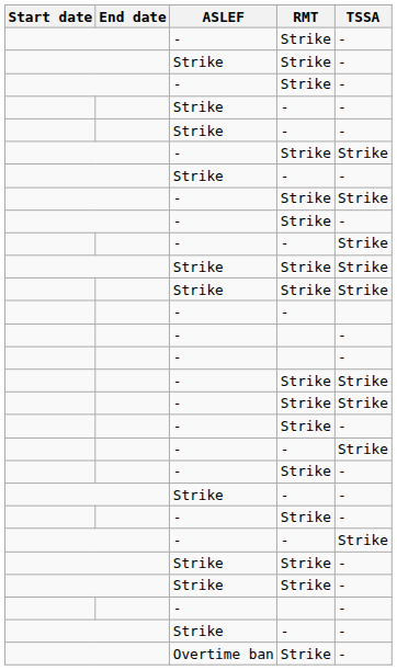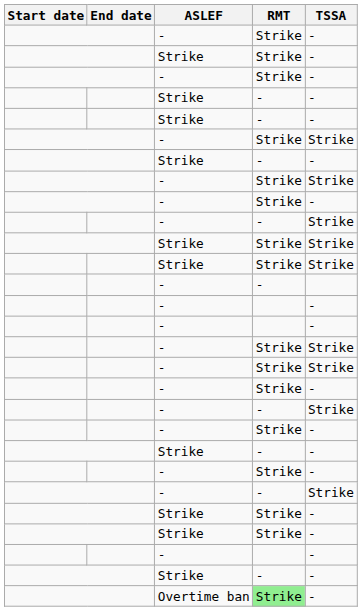 <table class="wikitable defaultcenter">
 <tr>
 <th>Start date</th>
 <th>End date</th>
 <th>ASLEF</th>
 <th>RMT</th>
 <th>TSSA</th>
 </tr>
 <tr>
 <td colspan=2></td>
 <td>-</td>
 <td>Strike</td>
 <td>-</td>
 </tr>
 <tr>
 <td colspan=2></td>
 <td>Strike</td>
 <td>Strike</td>
 <td>-</td>
 </tr>
 <tr>
 <td colspan=2></td>
 <td>-</td>
 <td>Strike</td>
 <td>-</td>
 </tr>
 <tr>
 <td></td>
 <td></td>
 <td>Strike</td>
 <td>-</td>
 <td>-</td>
 </tr>
 <tr>
 <td></td>
 <td></td>
 <td>Strike</td>
 <td>-</td>
 <td>-</td>
 </tr>
 <tr>
 <td colspan=2></td>
 <td>-</td>
 <td>Strike</td>
 <td>Strike</td>
 </tr>
 <tr>
 <td colspan=2></td>
 <td>Strike</td>
 <td>-</td>
 <td>-</td>
 </tr>
 <tr>
 <td colspan=2></td>
 <td>-</td>
 <td>Strike</td>
 <td>Strike</td>
 </tr>
 <tr>
 <td colspan=2></td>
 <td>-</td>
 <td>Strike</td>
 <td>-</td>
 </tr>
 <tr>
 <td></td>
 <td></td>
 <td>-</td>
 <td>-</td>
 <td>Strike</td>
 </tr>
 <tr>
 <td colspan=2></td>
 <td>Strike</td>
 <td>Strike</td>
 <td>Strike</td>
 </tr>
 <tr>
 <td></td>
 <td></td>
 <td>Strike</td>
 <td>Strike</td>
 <td>Strike</td>
 </tr>
 <tr>
 <td></td>
 <td></td>
 <td>-</td>
 <td>-</td>
 <td></td>
 </tr>
 <tr>
 <td></td>
 <td></td>
 <td>-</td>
 <td></td>
 <td>-</td>
 </tr>
 <tr>
 <td></td>
 <td></td>
 <td>-</td>
 <td></td>
 <td>-</td>
 </tr>
 <tr>
 <td></td>
 <td></td>
 <td>-</td>
 <td>Strike</td>
 <td>Strike</td>
 </tr>
 <tr>
 <td></td>
 <td></td>
 <td>-</td>
 <td>Strike</td>
 <td>Strike</td>
 </tr>
 <tr>
 <td></td>
 <td></td>
 <td>-</td>
 <td>Strike</td>
 <td>-</td>
 </tr>
 <tr>
 <td></td>
 <td></td>
 <td>-</td>
 <td>-</td>
 <td>Strike</td>
 </tr>
 <tr>
 <td></td>
 <td></td>
 <td>-</td>
 <td>Strike</td>
 <td>-</td>
 </tr>
 <tr>
 <td colspan=2></td>
 <td>Strike</td>
 <td>-</td>
 <td>-</td>
 </tr>
 <tr>
 <td></td>
 <td></td>
 <td>-</td>
 <td>Strike</td>
 <td>-</td>
 </tr>
 <tr>
 <td colspan=2></td>
 <td>-</td>
 <td>-</td>
 <td>Strike</td>
 </tr>
 <tr>
 <td colspan=2></td>
 <td>Strike</td>
 <td>Strike</td>
 <td>-</td>
 </tr>
 <tr>
 <td colspan=2></td>
 <td>Strike</td>
 <td>Strike</td>
 <td>-</td>
 </tr>
 <tr>
 <td></td>
 <td></td>
 <td>-</td>
 <td></td>
 <td>-</td>
 </tr>
 <tr>
 <td colspan=2></td>
 <td>Strike</td>
 <td>-</td>
 <td>-</td>
 </tr>
 <tr>
 <td colspan=2></td>
 <td>Overtime ban</td>
-<td>Strike</td>
+<td style="background: lightgreen;">Strike</td>
 <td>-</td>
 </tr>
 </table>
